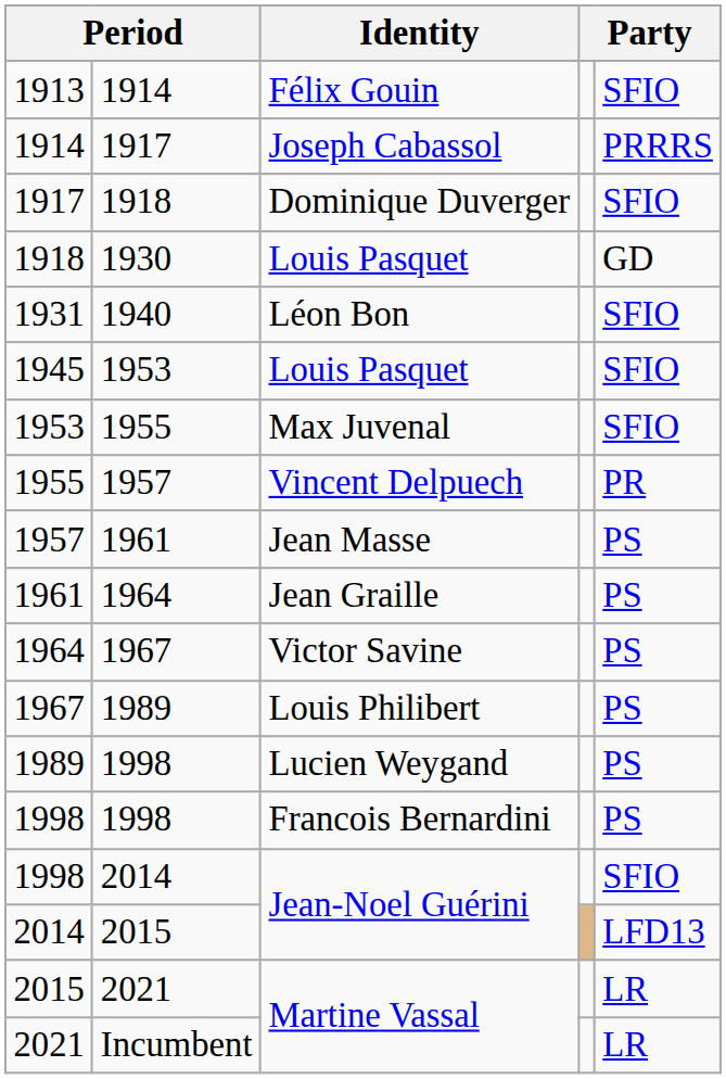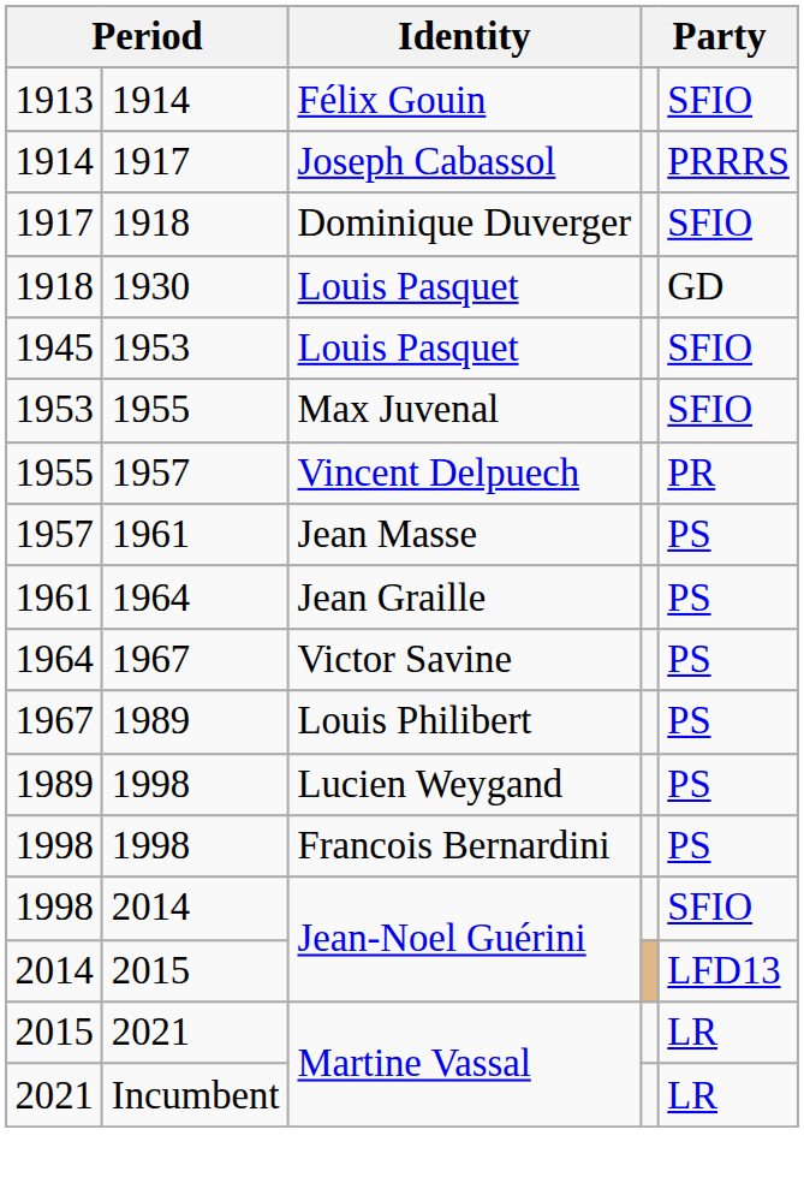 <table class="wikitable">
 <tr>
 <th colspan="2">Period</th>
 <th>Identity</th>
 <th colspan="2">Party</th>
 </tr>
 <tr>
 <td>1913</td>
 <td>1914</td>
 <td><a href='#'>Félix Gouin</a></td>
 <td style="background-color: "></td>
 <td><a href='#'>SFIO</a></td>
 </tr>
 <tr>
 <td>1914</td>
 <td>1917</td>
 <td><a href='#'>Joseph Cabassol</a></td>
 <td style="background-color: "></td>
 <td><a href='#'>PRRRS</a></td>
 </tr>
 <tr>
 <td>1917</td>
 <td>1918</td>
 <td>Dominique Duverger</td>
 <td style="background-color: "></td>
 <td><a href='#'>SFIO</a></td>
 </tr>
 <tr>
 <td>1918</td>
 <td>1930</td>
 <td><a href='#'>Louis Pasquet</a></td>
 <td style="background-color: "></td>
 <td>GD</td>
-</tr>
-<tr>
-<td>1931</td>
-<td>1940</td>
-<td>Léon Bon</td>
-<td style="background-color: "></td>
-<td><a href='#'>SFIO</a></td>
 </tr>
 <tr>
 <td>1945</td>
 <td>1953</td>
 <td><a href='#'>Louis Pasquet</a></td>
 <td style="background-color: "></td>
 <td><a href='#'>SFIO</a></td>
 </tr>
 <tr>
 <td>1953</td>
 <td>1955</td>
 <td>Max Juvenal</td>
 <td style="background-color: "></td>
 <td><a href='#'>SFIO</a></td>
 </tr>
 <tr>
 <td>1955</td>
 <td>1957</td>
 <td><a href='#'>Vincent Delpuech</a></td>
 <td style="background-color: "></td>
 <td><a href='#'>PR</a></td>
 </tr>
 <tr>
 <td>1957</td>
 <td>1961</td>
 <td>Jean Masse</td>
 <td style="background-color: "></td>
 <td><a href='#'>PS</a></td>
 </tr>
 <tr>
 <td>1961</td>
 <td>1964</td>
 <td>Jean Graille</td>
 <td style="background-color: "></td>
 <td><a href='#'>PS</a></td>
 </tr>
 <tr>
 <td>1964</td>
 <td>1967</td>
 <td>Victor Savine</td>
 <td style="background-color: "></td>
 <td><a href='#'>PS</a></td>
 </tr>
 <tr>
 <td>1967</td>
 <td>1989</td>
 <td>Louis Philibert</td>
 <td style="background-color: "></td>
 <td><a href='#'>PS</a></td>
 </tr>
 <tr>
 <td>1989</td>
 <td>1998</td>
 <td>Lucien Weygand</td>
 <td style="background-color: "></td>
 <td><a href='#'>PS</a></td>
 </tr>
 <tr>
 <td>1998</td>
 <td>1998</td>
 <td>Francois Bernardini</td>
 <td style="background-color: "></td>
 <td><a href='#'>PS</a></td>
 </tr>
 <tr>
 <td>1998</td>
 <td>2014</td>
 <td rowspan="2"><a href='#'>Jean-Noel Guérini</a></td>
 <td style="background-color: "></td>
 <td><a href='#'>SFIO</a></td>
 </tr>
 <tr>
 <td>2014</td>
 <td>2015</td>
 <td bgcolor="#DEB887"></td>
 <td><a href='#'>LFD13</a></td>
 </tr>
 <tr>
 <td>2015</td>
 <td>2021</td>
 <td rowspan="2"><a href='#'>Martine Vassal</a></td>
 <td style="background-color: "></td>
 <td><a href='#'>LR</a></td>
 </tr>
 <tr>
 <td>2021</td>
 <td>Incumbent</td>
 <td style="background-color: "></td>
 <td><a href='#'>LR</a></td>
 </tr>
 </table>
